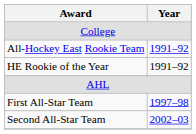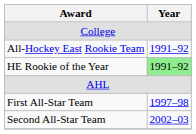 <table class="wikitable">
 <tr>
 <th>Award</th>
 <th>Year</th>
 </tr>
 <tr ALIGN="center" bgcolor="#e0e0e0">
 <td colspan="3"><a href='#'>College</a></td>
 </tr>
 <tr>
 <td>All-<a href='#'>Hockey East</a> <a href='#'>Rookie Team</a></td>
 <td><a href='#'>1991–92</a></td>
 </tr>
 <tr>
 <td>HE Rookie of the Year</td>
-<td>1991–92</td>
+<td style="background: lightgreen;">1991–92</td>
 </tr>
 <tr ALIGN="center" bgcolor="#e0e0e0">
 <td colspan="3"><a href='#'>AHL</a></td>
 </tr>
 <tr>
 <td>First All-Star Team</td>
 <td><a href='#'>1997–98</a></td>
 </tr>
 <tr>
 <td>Second All-Star Team</td>
 <td><a href='#'>2002–03</a></td>
 </tr>
 <tr>
 </tr>
 </table>
